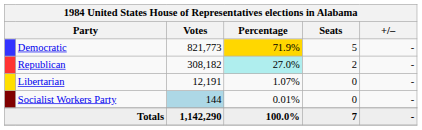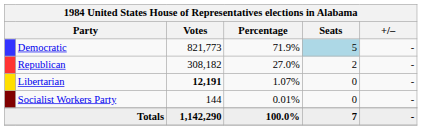 <table class="wikitable" style="font-size: 95%;">
 <tr>
 <th colspan="6">1984 United States House of Representatives elections in Alabama</th>
 </tr>
 <tr>
 <th colspan=2 style="width: 15em">Party</th>
 <th style="width: 5em">Votes</th>
 <th style="width: 7em">Percentage</th>
 <th style="width: 5em">Seats</th>
 <th style="width: 5em">+/–</th>
 </tr>
 <tr>
 <th style="background-color:#3333FF; width: 3px"></th>
 <td style="width: 130px"><a href='#'>Democratic</a></td>
 <td align="right">821,773</td>
-<td align="right" style="background: gold;">71.9%</td>
-<td align="right">5</td>
+<td align="right">71.9%</td>
+<td align="right" style="background: lightblue;">5</td>
 <td align="right">-</td>
 </tr>
 <tr>
 <th style="background-color:#FF3333; width: 3px"></th>
 <td style="width: 130px"><a href='#'>Republican</a></td>
 <td align="right">308,182</td>
-<td align="right" style="background: paleturquoise;">27.0%</td>
+<td align="right">27.0%</td>
 <td align="right">2</td>
 <td align="right">-</td>
 </tr>
 <tr>
 <th style="background-color:#FFDF00; width: 3px"></th>
 <td style="width: 130px"><a href='#'>Libertarian</a></td>
-<td align="right">12,191</td>
+<td align="right"><strong>12,191</strong></td>
 <td align="right">1.07%</td>
 <td align="right">0</td>
 <td align="right">-</td>
 </tr>
 <tr>
 <th style="background-color:#800000; width: 3px"></th>
 <td style="width: 130px"><a href='#'>Socialist Workers Party</a></td>
-<td align="right" style="background: lightblue;">144</td>
+<td align="right">144</td>
 <td align="right">0.01%</td>
 <td align="right">0</td>
 <td align="right">-</td>
 </tr>
 <tr>
 </tr>
 <tr bgcolor="#EEEEEE">
 <td colspan="2" align="right"><strong>Totals</strong></td>
 <td align="right"><strong>1,142,290</strong></td>
 <td align="right"><strong>100.0%</strong></td>
 <td align="right"><strong>7</strong></td>
 <td align="right"><strong>-</strong></td>
 </tr>
 <tr bgcolor="#EEEEEE">
 </tr>
 </table>
